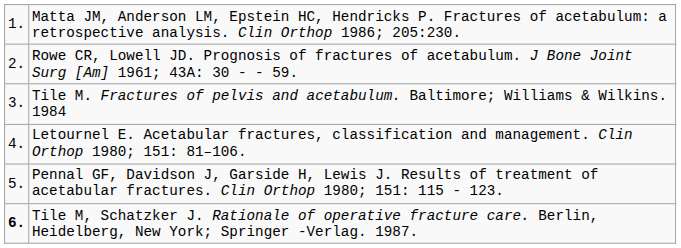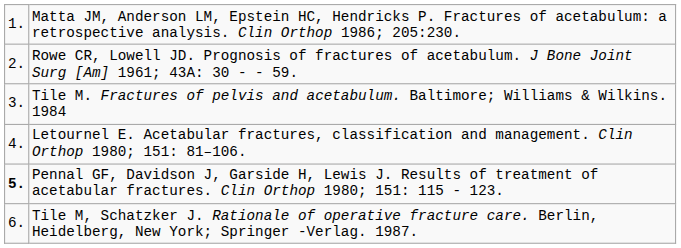 <table class="wikitable">
 <tr>
 <td>1.</td>
 <td>Matta JM, Anderson LM, Epstein HC, Hendricks P. Fractures of acetabulum: a retrospective analysis. <em>Clin Orthop</em> 1986; 205:230.</td>
 </tr>
 <tr>
 <td>2.</td>
 <td>Rowe CR, Lowell JD. Prognosis of fractures of acetabulum. <em>J Bone Joint Surg [Am]</em> 1961; 43A: 30 - - 59.</td>
 </tr>
 <tr>
 <td>3.</td>
 <td>Tile M. <em>Fractures of pelvis and acetabulum.</em> Baltimore; Williams & Wilkins. 1984</td>
 </tr>
 <tr>
 <td>4.</td>
 <td>Letournel E. Acetabular fractures, classification and management. <em>Clin Orthop</em> 1980; 151: 81–106.</td>
 </tr>
 <tr>
-<td>5.</td>
+<td><strong>5.</strong></td>
 <td>Pennal GF, Davidson J, Garside H, Lewis J. Results of treatment of acetabular fractures. <em>Clin Orthop</em> 1980; 151: 115 - 123.</td>
 </tr>
 <tr>
-<td><strong>6.</strong></td>
+<td>6.</td>
 <td>Tile M, Schatzker J. <em>Rationale of operative fracture care.</em> Berlin, Heidelberg, New York; Springer -Verlag. 1987.</td>
 </tr>
 </table>
